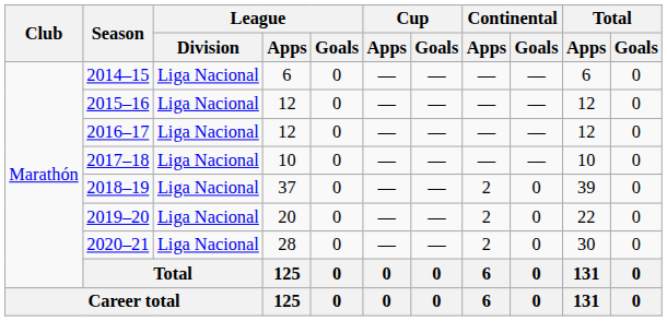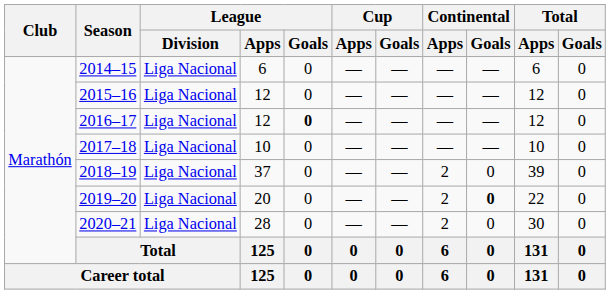 <table class=wikitable style=text-align:center>
 <tr>
 <th rowspan=2>Club</th>
 <th rowspan=2>Season</th>
 <th colspan=3>League</th>
 <th colspan=2>Cup</th>
 <th colspan=2>Continental</th>
 <th colspan=2>Total</th>
 </tr>
 <tr>
 <th>Division</th>
 <th>Apps</th>
 <th>Goals</th>
 <th>Apps</th>
 <th>Goals</th>
 <th>Apps</th>
 <th>Goals</th>
 <th>Apps</th>
 <th>Goals</th>
 </tr>
 <tr>
 <td rowspan=8><a href='#'>Marathón</a></td>
 <td><a href='#'>2014–15</a></td>
 <td><a href='#'>Liga Nacional</a></td>
 <td>6</td>
 <td>0</td>
 <td>—</td>
 <td>—</td>
 <td>—</td>
 <td>—</td>
 <td>6</td>
 <td>0</td>
 </tr>
 <tr>
 <td><a href='#'>2015–16</a></td>
 <td><a href='#'>Liga Nacional</a></td>
 <td>12</td>
 <td>0</td>
 <td>—</td>
 <td>—</td>
 <td>—</td>
 <td>—</td>
 <td>12</td>
 <td>0</td>
 </tr>
 <tr>
 <td><a href='#'>2016–17</a></td>
 <td><a href='#'>Liga Nacional</a></td>
 <td>12</td>
-<td>0</td>
+<td><strong>0</strong></td>
 <td>—</td>
 <td>—</td>
 <td>—</td>
 <td>—</td>
 <td>12</td>
 <td>0</td>
 </tr>
 <tr>
 <td><a href='#'>2017–18</a></td>
 <td><a href='#'>Liga Nacional</a></td>
 <td>10</td>
 <td>0</td>
 <td>—</td>
 <td>—</td>
 <td>—</td>
 <td>—</td>
 <td>10</td>
 <td>0</td>
 </tr>
 <tr>
 <td><a href='#'>2018–19</a></td>
 <td><a href='#'>Liga Nacional</a></td>
 <td>37</td>
 <td>0</td>
 <td>—</td>
 <td>—</td>
 <td>2</td>
 <td>0</td>
 <td>39</td>
 <td>0</td>
 </tr>
 <tr>
 <td><a href='#'>2019–20</a></td>
 <td><a href='#'>Liga Nacional</a></td>
 <td>20</td>
 <td>0</td>
 <td>—</td>
 <td>—</td>
 <td>2</td>
-<td>0</td>
+<td><strong>0</strong></td>
 <td>22</td>
 <td>0</td>
 </tr>
 <tr>
 <td><a href='#'>2020–21</a></td>
 <td><a href='#'>Liga Nacional</a></td>
 <td>28</td>
 <td>0</td>
 <td>—</td>
 <td>—</td>
 <td>2</td>
 <td>0</td>
 <td>30</td>
 <td>0</td>
 </tr>
 <tr>
 <th colspan=2>Total</th>
 <th>125</th>
 <th>0</th>
 <th>0</th>
 <th>0</th>
 <th>6</th>
 <th>0</th>
 <th>131</th>
 <th>0</th>
 </tr>
 <tr>
 <th colspan=3>Career total</th>
 <th>125</th>
 <th>0</th>
 <th>0</th>
 <th>0</th>
 <th>6</th>
 <th>0</th>
 <th>131</th>
 <th>0</th>
 </tr>
 </table>
